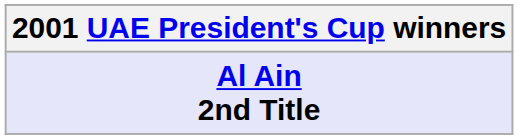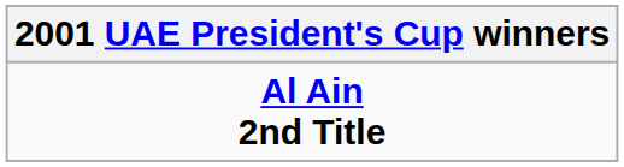 <table class="wikitable" style="text-align: center; margin: 0 auto;">
 <tr>
 <th>2001 <a href='#'>UAE President's Cup</a> winners</th>
 </tr>
 <tr>
-<td style="background: lavender;"><strong><a href='#'>Al Ain</a></strong><br><strong>2nd Title</strong></td>
+<td><strong><a href='#'>Al Ain</a></strong><br><strong>2nd Title</strong></td>
 </tr>
 </table>
